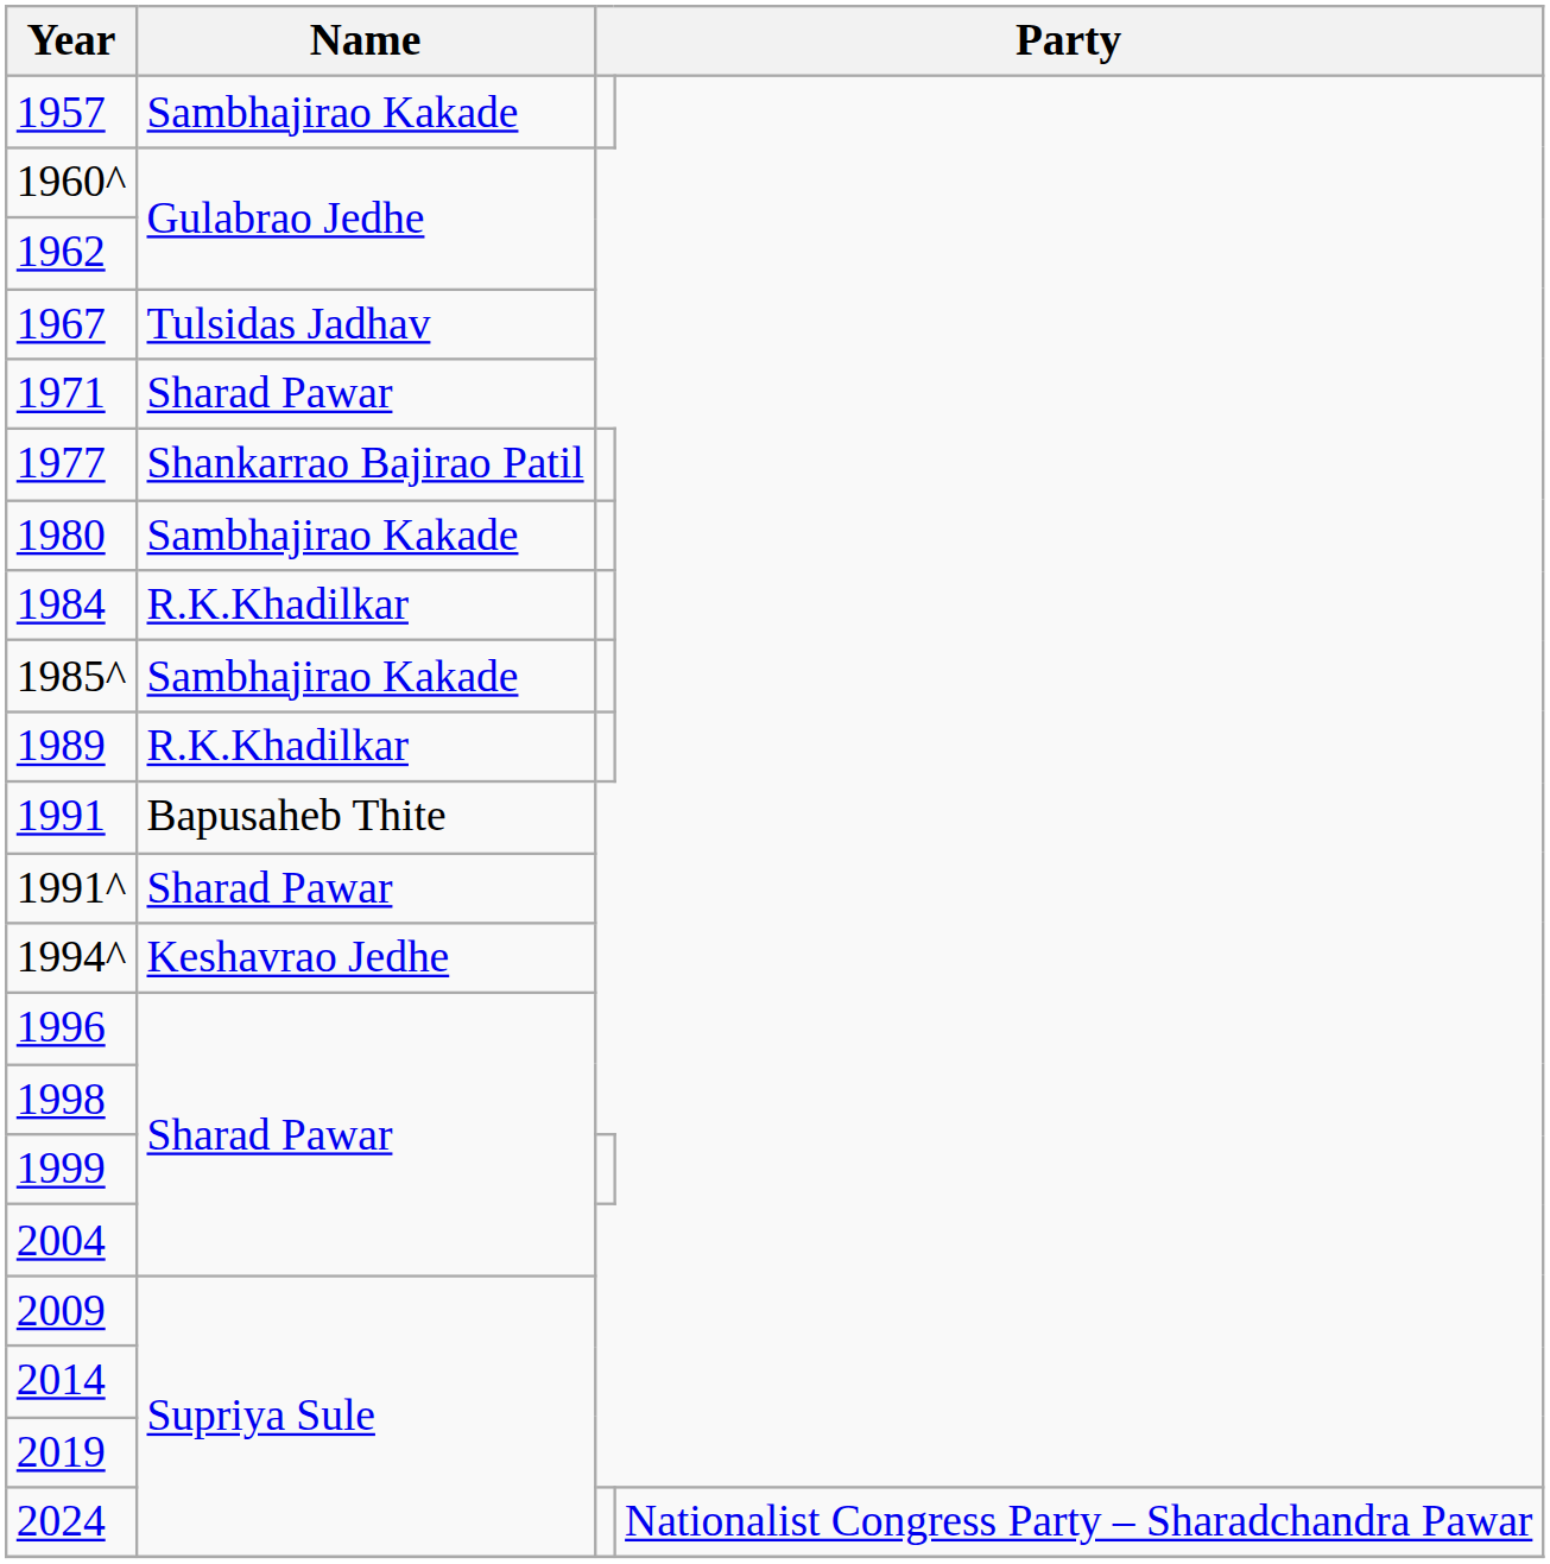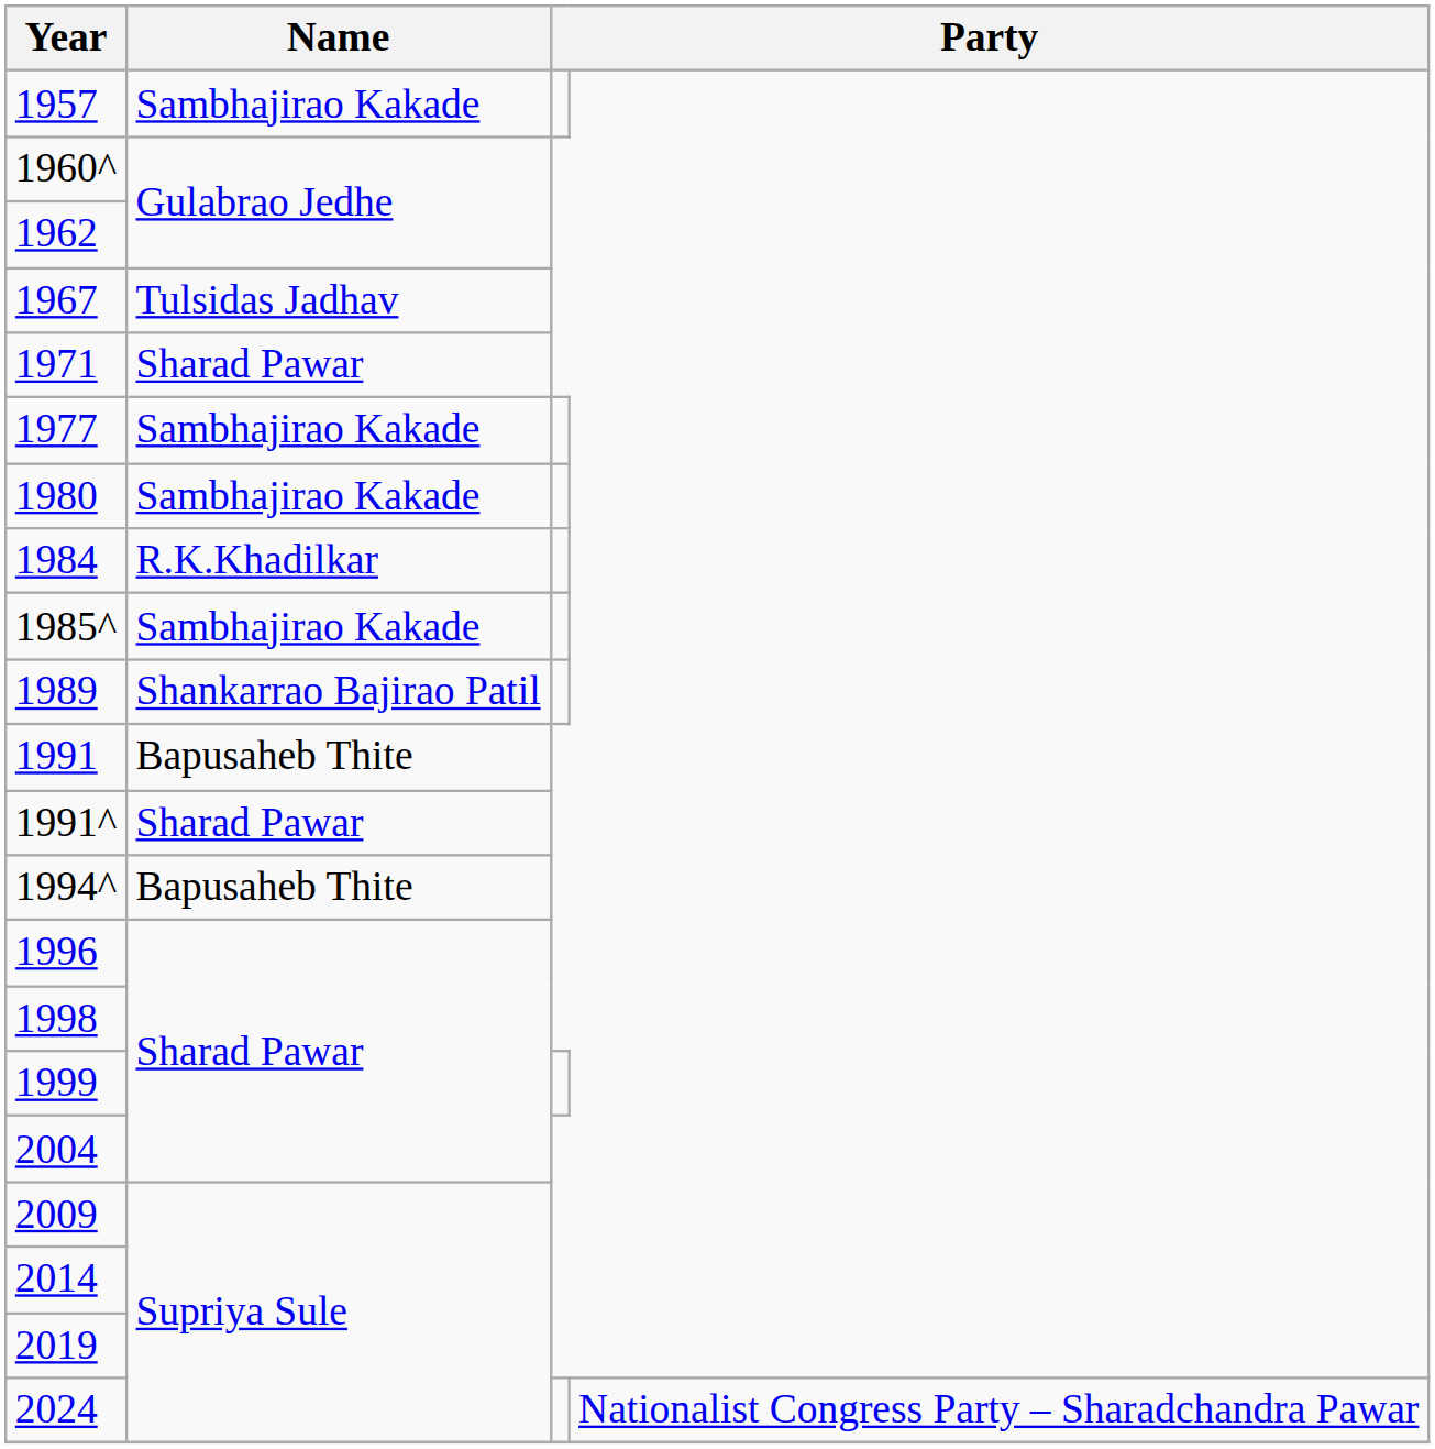 <table class="wikitable">
 <tr>
 <th>Year</th>
 <th>Name</th>
 <th colspan="2">Party</th>
 </tr>
 <tr>
 <td><a href='#'>1957</a></td>
 <td><a href='#'>Sambhajirao Kakade</a></td>
 <td></td>
 </tr>
 <tr>
 <td>1960^</td>
 <td rowspan="2"><a href='#'>Gulabrao Jedhe</a></td>
 </tr>
 <tr>
 <td><a href='#'>1962</a></td>
 </tr>
 <tr>
 <td><a href='#'>1967</a></td>
 <td><a href='#'>Tulsidas Jadhav</a></td>
 </tr>
 <tr>
 <td><a href='#'>1971</a></td>
 <td><a href='#'>Sharad Pawar</a></td>
 </tr>
 <tr>
 <td><a href='#'>1977</a></td>
-<td><a href='#'>Shankarrao Bajirao Patil</a></td>
+<td><a href='#'>Sambhajirao Kakade</a></td>
 <td></td>
 </tr>
 <tr>
 <td><a href='#'>1980</a></td>
 <td><a href='#'>Sambhajirao Kakade</a></td>
 <td></td>
 </tr>
 <tr>
 <td><a href='#'>1984</a></td>
 <td><a href='#'>R.K.Khadilkar</a></td>
 <td></td>
 </tr>
 <tr>
 <td>1985^</td>
 <td><a href='#'>Sambhajirao Kakade</a></td>
 <td></td>
 </tr>
 <tr>
 <td><a href='#'>1989</a></td>
-<td><a href='#'>R.K.Khadilkar</a></td>
+<td><a href='#'>Shankarrao Bajirao Patil</a></td>
 <td></td>
 </tr>
 <tr>
 <td><a href='#'>1991</a></td>
 <td>Bapusaheb Thite</td>
 </tr>
 <tr>
 <td>1991^</td>
 <td><a href='#'>Sharad Pawar</a></td>
 </tr>
 <tr>
 <td>1994^</td>
-<td><a href='#'>Keshavrao Jedhe</a></td>
+<td>Bapusaheb Thite</td>
 </tr>
 <tr>
 <td><a href='#'>1996</a></td>
 <td rowspan="4"><a href='#'>Sharad Pawar</a></td>
 </tr>
 <tr>
 <td><a href='#'>1998</a></td>
 </tr>
 <tr>
 <td><a href='#'>1999</a></td>
 <td></td>
 </tr>
 <tr>
 <td><a href='#'>2004</a></td>
 </tr>
 <tr>
 <td><a href='#'>2009</a></td>
 <td rowspan="4"><a href='#'>Supriya Sule</a></td>
 </tr>
 <tr>
 <td><a href='#'>2014</a></td>
 </tr>
 <tr>
 <td><a href='#'>2019</a></td>
 </tr>
 <tr>
 <td><a href='#'>2024</a></td>
 <td style="background-color: "></td>
 <td><a href='#'>Nationalist Congress Party – Sharadchandra Pawar</a></td>
 </tr>
 <tr>
 </tr>
 </table>
